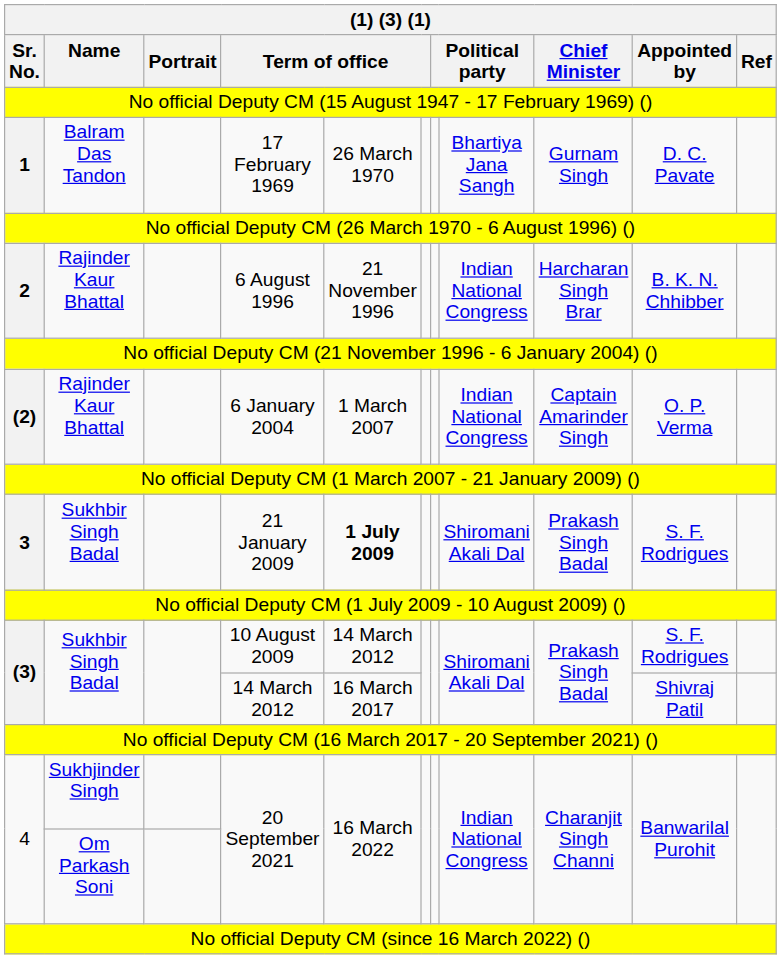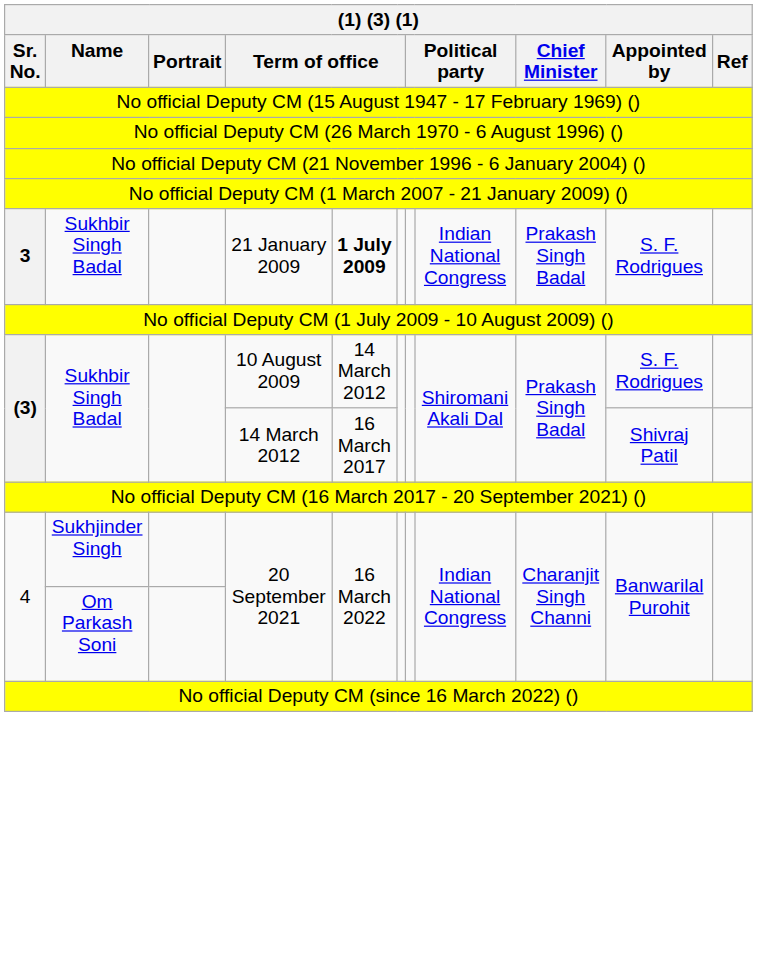 <table class="wikitable" style="width:100%; text-align:center">
 <tr>
 <th colspan=11> (1) (3) (1)</th>
 </tr>
 <tr>
 <th>Sr. No.</th>
 <th>Name<br><br></th>
 <th>Portrait</th>
 <th colspan=3>Term of office</th>
 <th colspan=2>Political party</th>
 <th><a href='#'>Chief Minister</a></th>
 <th>Appointed by</th>
 <th>Ref</th>
 </tr>
 <tr>
 <td colspan=11 bgcolor=yellow>No official Deputy CM (15 August 1947 - 17 February 1969) ()</td>
 </tr>
 <tr>
-<th>1</th>
-<td><a href='#'>Balram Das Tandon</a><br><br></td>
-<td></td>
-<td>17 February 1969</td>
-<td>26 March 1970</td>
-<td></td>
-<td bgcolor=></td>
-<td><a href='#'>Bhartiya Jana Sangh</a></td>
-<td><a href='#'>Gurnam Singh</a></td>
-<td><a href='#'>D. C. Pavate</a></td>
-<td></td>
-</tr>
-<tr>
 <td colspan=11 bgcolor=yellow>No official Deputy CM (26 March 1970 - 6 August 1996) ()</td>
 </tr>
 <tr>
-<th>2</th>
-<td><a href='#'>Rajinder Kaur Bhattal</a><br><br></td>
-<td></td>
-<td>6 August 1996</td>
-<td>21 November 1996</td>
-<td></td>
-<td></td>
-<td><a href='#'>Indian National Congress</a></td>
-<td><a href='#'>Harcharan Singh Brar</a></td>
-<td><a href='#'>B. K. N. Chhibber</a></td>
-<td></td>
-</tr>
-<tr>
 <td colspan=11 bgcolor=yellow>No official Deputy CM (21 November 1996 - 6 January 2004) ()</td>
-</tr>
-<tr>
-<th>(2)</th>
-<td><a href='#'>Rajinder Kaur Bhattal</a><br><br></td>
-<td></td>
-<td>6 January 2004</td>
-<td>1 March 2007</td>
-<td></td>
-<td></td>
-<td><a href='#'>Indian National Congress</a></td>
-<td><a href='#'>Captain Amarinder Singh</a></td>
-<td><a href='#'>O. P. Verma</a></td>
-<td></td>
 </tr>
 <tr>
 <td colspan=11 bgcolor=yellow>No official Deputy CM (1 March 2007 - 21 January 2009) ()</td>
 </tr>
 <tr>
 <th>3</th>
 <td><a href='#'>Sukhbir Singh Badal</a><br><br></td>
 <td></td>
 <td>21 January 2009</td>
 <td><strong>1 July 2009</strong></td>
 <td></td>
 <td></td>
-<td><a href='#'>Shiromani Akali Dal</a></td>
+<td><a href='#'>Indian National Congress</a></td>
 <td><a href='#'>Prakash Singh Badal</a></td>
 <td><a href='#'>S. F. Rodrigues</a></td>
 <td><br></td>
 </tr>
 <tr>
 <td colspan=11 bgcolor=yellow>No official Deputy CM (1 July 2009 - 10 August 2009) ()</td>
 </tr>
 <tr>
 <th rowspan=2>(3)</th>
 <td rowspan=2><a href='#'>Sukhbir Singh Badal</a><br><br></td>
 <td rowspan=2></td>
 <td>10 August 2009</td>
 <td>14 March 2012</td>
 <td rowspan=2></td>
 <td rowspan=2></td>
 <td rowspan=2><a href='#'>Shiromani Akali Dal</a></td>
 <td rowspan=2><a href='#'>Prakash Singh Badal</a></td>
 <td><a href='#'>S. F. Rodrigues</a></td>
 <td></td>
 </tr>
 <tr>
 <td>14 March 2012</td>
 <td>16 March 2017</td>
 <td><a href='#'>Shivraj Patil</a></td>
 <td></td>
 </tr>
 <tr>
 <td colspan=11 bgcolor=yellow>No official Deputy CM (16 March 2017 - 20 September 2021) ()</td>
 </tr>
 <tr>
 <td rowspan=2>4</td>
 <td><a href='#'>Sukhjinder Singh</a><br><br></td>
 <td></td>
 <td rowspan=2>20 September 2021</td>
 <td rowspan=2>16 March 2022</td>
 <td rowspan=2></td>
 <td rowspan=2></td>
 <td rowspan=2><a href='#'>Indian National Congress</a></td>
 <td rowspan=2><a href='#'>Charanjit Singh Channi</a></td>
 <td rowspan=2><a href='#'>Banwarilal Purohit</a></td>
 <td rowspan=2></td>
 </tr>
 <tr>
 <td><a href='#'>Om Parkash Soni</a><br><br></td>
 <td></td>
 </tr>
 <tr>
 <td colspan=11 bgcolor=yellow>No official Deputy CM (since 16 March 2022) ()</td>
 </tr>
 </table>
